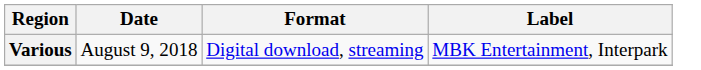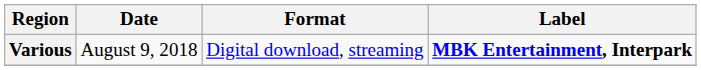 <table class="wikitable plainrowheaders">
 <tr>
 <th>Region</th>
 <th>Date</th>
 <th>Format</th>
 <th>Label</th>
 </tr>
 <tr>
 <th scope="row">Various</th>
 <td>August 9, 2018</td>
 <td><a href='#'>Digital download</a>, <a href='#'>streaming</a></td>
-<td><a href='#'>MBK Entertainment</a>, Interpark</td>
+<td><strong><a href='#'>MBK Entertainment</a>, Interpark</strong></td>
 </tr>
 <tr>
 </tr>
 </table>
